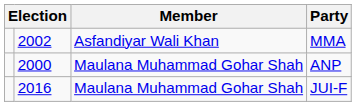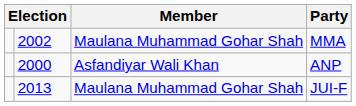 <table class="wikitable">
 <tr>
 <th colspan="2">Election</th>
 <th>Member</th>
 <th>Party</th>
 </tr>
 <tr>
 <td style="background-color: "></td>
 <td><a href='#'>2002</a></td>
-<td><a href='#'>Asfandiyar Wali Khan</a></td>
+<td><a href='#'>Maulana Muhammad Gohar Shah</a></td>
 <td><a href='#'>MMA</a></td>
 </tr>
 <tr>
 <td style="background-color: "></td>
 <td><a href='#'>2000</a></td>
-<td><a href='#'>Maulana Muhammad Gohar Shah</a></td>
+<td><a href='#'>Asfandiyar Wali Khan</a></td>
 <td><a href='#'>ANP</a></td>
 </tr>
 <tr>
 <td style="background-color: "></td>
-<td><a href='#'>2016</a></td>
+<td><a href='#'>2013</a></td>
 <td><a href='#'>Maulana Muhammad Gohar Shah</a></td>
 <td><a href='#'>JUI-F</a></td>
 </tr>
 </table>
